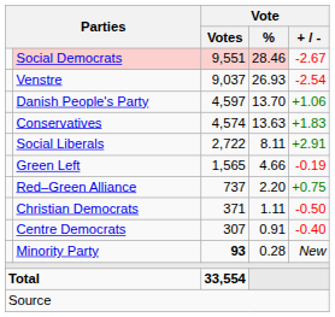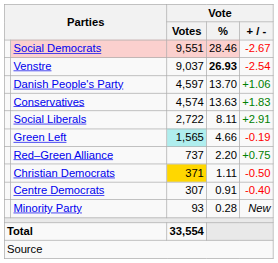 <table class="wikitable" style="text-align:right;">
 <tr>
 <th style="text-align:centre;" rowspan="2" colspan="2" width="225">Parties</th>
 <th colspan="3">Vote</th>
 </tr>
 <tr>
 <th width="15">Votes</th>
 <th width="15">%</th>
 <th width="15">+ / -</th>
 </tr>
 <tr>
 <td width="2" style="color:inherit;background:"></td>
 <td bgcolor=#fbd0ce  align="left"><a href='#'>Social Democrats</a></td>
 <td bgcolor=#fbd0ce>9,551</td>
 <td bgcolor=#fbd0ce>28.46</td>
 <td style=color:red;>-2.67</td>
 </tr>
 <tr>
 <td width="2" style="color:inherit;background:"></td>
 <td align="left"><a href='#'>Venstre</a></td>
 <td>9,037</td>
-<td>26.93</td>
+<td><strong>26.93</strong></td>
 <td style=color:red;>-2.54</td>
 </tr>
 <tr>
 <td width="2" style="color:inherit;background:"></td>
 <td align="left"><a href='#'>Danish People's Party</a></td>
 <td>4,597</td>
 <td>13.70</td>
 <td style=color:green;>+1.06</td>
 </tr>
 <tr>
 <td width="2" style="color:inherit;background:"></td>
 <td align="left"><a href='#'>Conservatives</a></td>
 <td>4,574</td>
 <td>13.63</td>
 <td style=color:green;>+1.83</td>
 </tr>
 <tr>
 <td width="2" style="color:inherit;background:"></td>
 <td align="left"><a href='#'>Social Liberals</a></td>
 <td>2,722</td>
 <td>8.11</td>
 <td style=color:green;>+2.91</td>
 </tr>
 <tr>
 <td width="2" style="color:inherit;background:"></td>
 <td align="left"><a href='#'>Green Left</a></td>
-<td>1,565</td>
+<td style="background: paleturquoise;">1,565</td>
 <td>4.66</td>
 <td style=color:red;>-0.19</td>
 </tr>
 <tr>
 <td width="2" style="color:inherit;background:"></td>
 <td align="left"><a href='#'>Red–Green Alliance</a></td>
 <td>737</td>
 <td>2.20</td>
 <td style=color:green;>+0.75</td>
 </tr>
 <tr>
 <td width="2" style="color:inherit;background:"></td>
 <td align="left"><a href='#'>Christian Democrats</a></td>
-<td>371</td>
+<td style="background: gold;">371</td>
 <td>1.11</td>
 <td style=color:red;>-0.50</td>
 </tr>
 <tr>
 <td width="2" style="color:inherit;background:"></td>
 <td align="left"><a href='#'>Centre Democrats</a></td>
 <td>307</td>
 <td>0.91</td>
 <td style=color:red;>-0.40</td>
 </tr>
 <tr>
 <td width="2" style="color:inherit;background:"></td>
 <td align="left"><a href='#'>Minority Party</a></td>
-<td><strong>93</strong></td>
+<td>93</td>
 <td>0.28</td>
 <td><em>New</em></td>
 </tr>
 <tr>
 <td colspan="7" bgcolor="#E9E9E9"></td>
 </tr>
 <tr>
 <td align="left" colspan="2"><strong>Total</strong></td>
 <td><strong>33,554</strong></td>
 <td bgcolor="#E9E9E9" colspan="2"></td>
 </tr>
 <tr>
 <td align="left" colspan="6">Source</td>
 </tr>
 </table>
